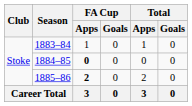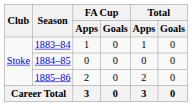 <table class="wikitable" style="text-align: center;">
 <tr>
 <th rowspan="2">Club</th>
 <th rowspan="2">Season</th>
 <th colspan="2">FA Cup</th>
 <th colspan="2">Total</th>
 </tr>
 <tr>
 <th>Apps</th>
 <th>Goals</th>
 <th>Apps</th>
 <th>Goals</th>
 </tr>
 <tr>
 <td rowspan="3"><a href='#'>Stoke</a></td>
 <td><a href='#'>1883–84</a></td>
 <td>1</td>
 <td>0</td>
 <td>1</td>
 <td>0</td>
 </tr>
 <tr>
 <td><a href='#'>1884–85</a></td>
-<td><strong>0</strong></td>
+<td>0</td>
 <td>0</td>
 <td>0</td>
 <td>0</td>
 </tr>
 <tr>
 <td><a href='#'>1885–86</a></td>
-<td><strong>2</strong></td>
+<td>2</td>
 <td>0</td>
 <td>2</td>
 <td>0</td>
 </tr>
 <tr>
 <th colspan="2">Career Total</th>
 <th>3</th>
 <th>0</th>
 <th>3</th>
 <th>0</th>
 </tr>
 </table>
